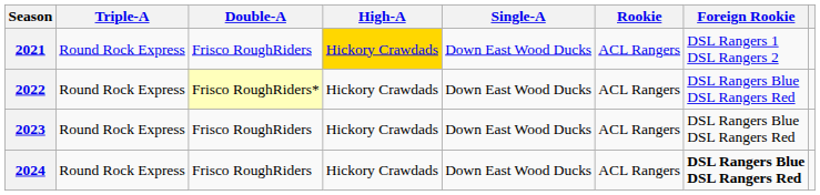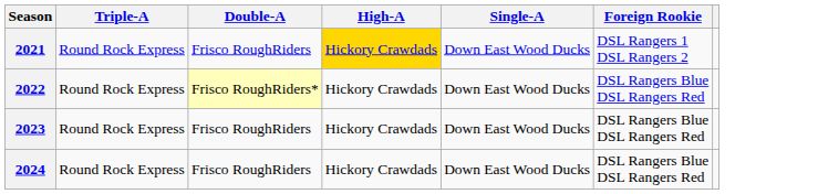 <table class="wikitable plainrowheaders">
 <tr>
 <th scope="col">Season</th>
 <th scope="col"><a href='#'><span>Triple-A</span></a></th>
 <th scope="col"><a href='#'><span>Double-A</span></a></th>
 <th scope="col"><a href='#'><span>High-A</span></a></th>
 <th scope="col"><a href='#'><span>Single-A</span></a></th>
-<th scope="col"><a href='#'><span>Rookie</span></a></th>
 <th scope="col"><a href='#'><span>Foreign Rookie</span></a></th>
 <th scope="col"></th>
 </tr>
 <tr>
 <th scope="row" style="text-align:center"><a href='#'>2021</a></th>
 <td><a href='#'>Round Rock Express</a></td>
 <td><a href='#'>Frisco RoughRiders</a></td>
 <td style="background: gold;"><a href='#'>Hickory Crawdads</a></td>
 <td><a href='#'>Down East Wood Ducks</a></td>
-<td><a href='#'>ACL Rangers</a></td>
 <td><a href='#'>DSL Rangers 1</a><br><a href='#'>DSL Rangers 2</a></td>
 <td align="center"></td>
 </tr>
 <tr>
 <th scope="row" style="text-align:center"><a href='#'>2022</a></th>
 <td>Round Rock Express</td>
 <td style="background-color:#FFFFBB">Frisco RoughRiders*</td>
 <td>Hickory Crawdads</td>
 <td>Down East Wood Ducks</td>
-<td>ACL Rangers</td>
 <td><a href='#'>DSL Rangers Blue</a><br><a href='#'>DSL Rangers Red</a></td>
 <td align="center"></td>
 </tr>
 <tr>
 <th scope="row" style="text-align:center"><a href='#'>2023</a></th>
 <td>Round Rock Express</td>
 <td>Frisco RoughRiders</td>
 <td>Hickory Crawdads</td>
 <td>Down East Wood Ducks</td>
-<td>ACL Rangers</td>
 <td>DSL Rangers Blue<br>DSL Rangers Red</td>
 <td align="center"></td>
 </tr>
 <tr>
 <th scope="row" style="text-align:center"><a href='#'>2024</a></th>
 <td>Round Rock Express</td>
 <td>Frisco RoughRiders</td>
 <td>Hickory Crawdads</td>
 <td>Down East Wood Ducks</td>
-<td>ACL Rangers</td>
-<td><strong>DSL Rangers Blue<br>DSL Rangers Red</strong></td>
+<td>DSL Rangers Blue<br>DSL Rangers Red</td>
 <td align="center"></td>
 </tr>
 </table>
